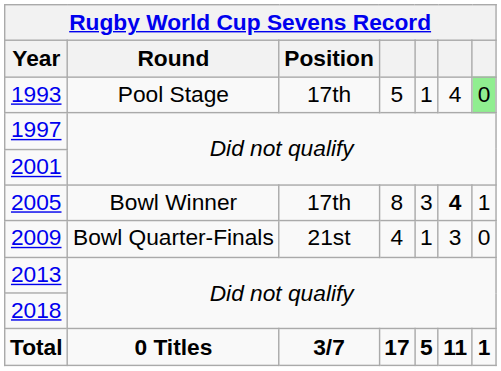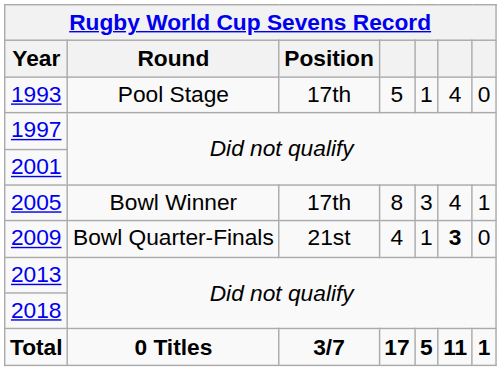 <table class="wikitable" style="text-align: center;">
 <tr>
 <th colspan=10><a href='#'>Rugby World Cup Sevens Record</a></th>
 </tr>
 <tr>
 <th>Year</th>
 <th>Round</th>
 <th>Position</th>
 <th></th>
 <th></th>
 <th></th>
 <th></th>
 </tr>
 <tr>
 <td> <a href='#'>1993</a></td>
 <td>Pool Stage</td>
 <td>17th</td>
 <td>5</td>
 <td>1</td>
 <td>4</td>
-<td style="background: lightgreen;">0</td>
+<td>0</td>
 </tr>
 <tr>
 <td><a href='#'>1997</a></td>
 <td colspan="6" rowspan=2><em>Did not qualify</em></td>
 </tr>
 <tr>
 <td> <a href='#'>2001</a></td>
 </tr>
 <tr>
 <td> <a href='#'>2005</a></td>
 <td>Bowl Winner</td>
 <td>17th</td>
 <td>8</td>
 <td>3</td>
-<td><strong>4</strong></td>
+<td>4</td>
 <td>1</td>
 </tr>
 <tr>
 <td> <a href='#'>2009</a></td>
 <td>Bowl Quarter-Finals</td>
 <td>21st</td>
 <td>4</td>
 <td>1</td>
-<td>3</td>
+<td><strong>3</strong></td>
 <td>0</td>
 </tr>
 <tr>
 <td> <a href='#'>2013</a></td>
 <td colspan="6" rowspan=2><em>Did not qualify</em></td>
 </tr>
 <tr>
 <td> <a href='#'>2018</a></td>
 </tr>
 <tr>
 <td colspan=1><strong>Total</strong></td>
 <td><strong>0 Titles</strong></td>
 <td><strong>3/7</strong></td>
 <td><strong>17</strong></td>
 <td><strong>5</strong></td>
 <td><strong>11</strong></td>
 <td><strong>1</strong></td>
 </tr>
 </table>
